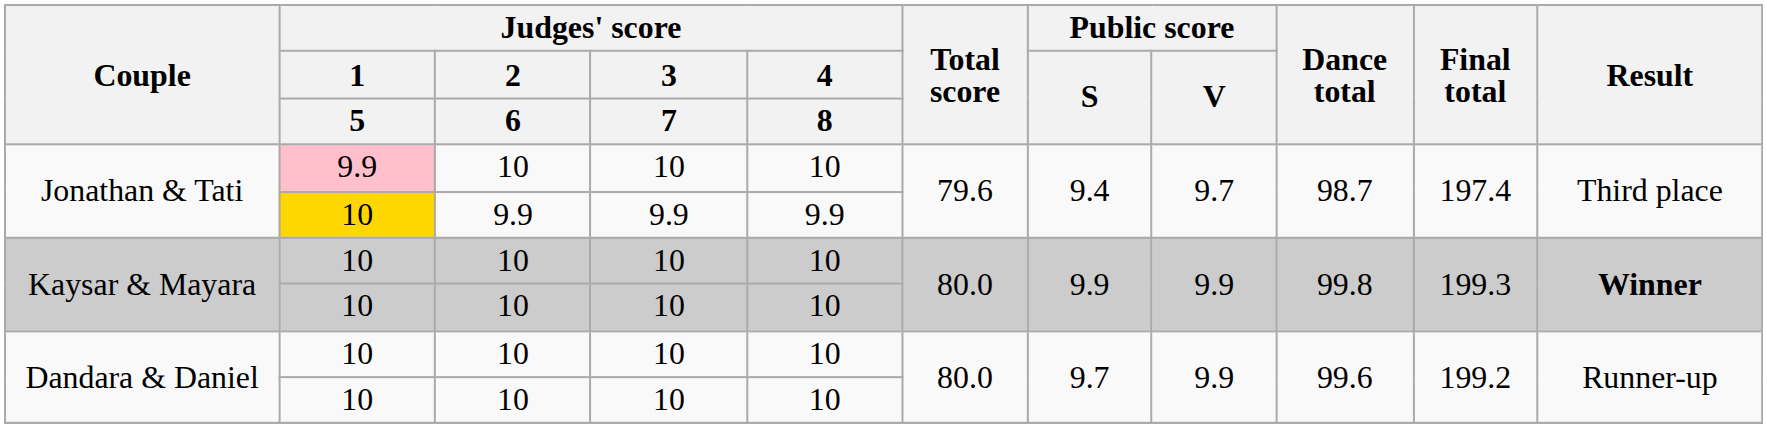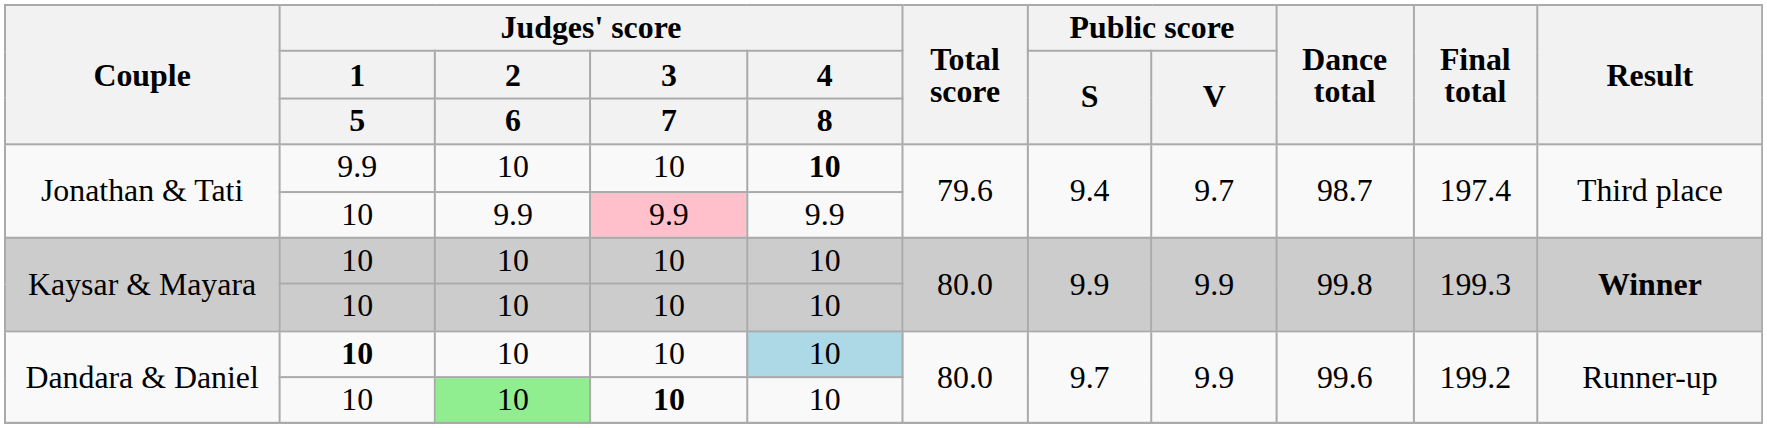 <table class="wikitable" style="font-size:100%; line-height:16px; text-align:center" width="100%">
 <tr>
 <th rowspan=3 width="11.0%">Couple</th>
 <th colspan=4 width="25.0%">Judges' score</th>
 <th rowspan=3 width="05.0%">Total score</th>
 <th colspan=2 width="10.0%">Public score</th>
 <th rowspan=3 width="05.0%">Dance<br>total</th>
 <th rowspan=3 width="05.0%">Final<br>total</th>
 <th rowspan=3 width="09.0%">Result</th>
 </tr>
 <tr>
 <th width="06.25%">1</th>
 <th width="06.25%">2</th>
 <th width="06.25%">3</th>
 <th width="06.25%">4</th>
 <th width="05.00%" rowspan=2>S</th>
 <th width="05.00%" rowspan=2>V</th>
 </tr>
 <tr>
 <th>5</th>
 <th>6</th>
 <th>7</th>
 <th>8</th>
 </tr>
 <tr>
 <td rowspan=2>Jonathan & Tati</td>
-<td style="background: pink;">9.9</td>
+<td>9.9</td>
 <td>10</td>
 <td>10</td>
-<td>10</td>
+<td><strong>10</strong></td>
 <td rowspan=2>79.6</td>
 <td rowspan=2>9.4</td>
 <td rowspan=2>9.7</td>
 <td rowspan=2>98.7</td>
 <td rowspan=2>197.4</td>
 <td rowspan=2>Third place</td>
 </tr>
 <tr>
-<td style="background: gold;">10</td>
+<td>10</td>
 <td>9.9</td>
-<td>9.9</td>
+<td style="background: pink;">9.9</td>
 <td>9.9</td>
 </tr>
 <tr bgcolor=CCCCCC>
 <td rowspan=2>Kaysar & Mayara</td>
 <td>10</td>
 <td>10</td>
 <td>10</td>
 <td>10</td>
 <td rowspan=2>80.0</td>
 <td rowspan=2>9.9</td>
 <td rowspan=2>9.9</td>
 <td rowspan=2>99.8</td>
 <td rowspan=2>199.3</td>
 <td rowspan=2><strong>Winner</strong></td>
 </tr>
 <tr bgcolor=CCCCCC>
 <td>10</td>
 <td>10</td>
 <td>10</td>
 <td>10</td>
 </tr>
 <tr>
 <td rowspan=2>Dandara & Daniel</td>
+<td><strong>10</strong></td>
 <td>10</td>
 <td>10</td>
-<td>10</td>
-<td>10</td>
+<td style="background: lightblue;">10</td>
 <td rowspan=2>80.0</td>
 <td rowspan=2>9.7</td>
 <td rowspan=2>9.9</td>
 <td rowspan=2>99.6</td>
 <td rowspan=2>199.2</td>
 <td rowspan=2>Runner-up</td>
 </tr>
 <tr>
 <td>10</td>
-<td>10</td>
-<td>10</td>
+<td style="background: lightgreen;">10</td>
+<td><strong>10</strong></td>
 <td>10</td>
 </tr>
 <tr>
 </tr>
 </table>
